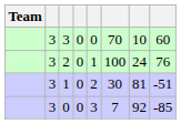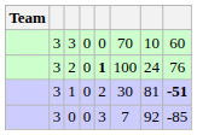 <table class="wikitable" style="text-align: center;">
 <tr>
 <th>Team</th>
 <th></th>
 <th></th>
 <th></th>
 <th></th>
 <th></th>
 <th></th>
 <th></th>
 </tr>
 <tr bgcolor="ccffcc">
 <td align="left"></td>
 <td>3</td>
 <td>3</td>
 <td>0</td>
 <td>0</td>
 <td>70</td>
 <td>10</td>
 <td>60</td>
 </tr>
 <tr bgcolor="ccffcc">
 <td align="left"></td>
 <td>3</td>
 <td>2</td>
 <td>0</td>
-<td>1</td>
+<td><strong>1</strong></td>
 <td>100</td>
 <td>24</td>
 <td>76</td>
 </tr>
 <tr bgcolor="ccccff">
 <td align="left"></td>
 <td>3</td>
 <td>1</td>
 <td>0</td>
 <td>2</td>
 <td>30</td>
 <td>81</td>
-<td>-51</td>
+<td><strong>-51</strong></td>
 </tr>
 <tr bgcolor="ccccff">
 <td align="left"></td>
 <td>3</td>
 <td>0</td>
 <td>0</td>
 <td>3</td>
 <td>7</td>
 <td>92</td>
 <td>-85</td>
 </tr>
 </table>
